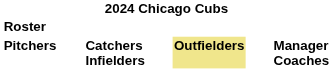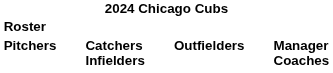 <table class="toccolours" style="font-size: 95%;">
 <tr>
 <th colspan="10">2024 Chicago Cubs</th>
 </tr>
 <tr>
 <td colspan="10"><strong>Roster</strong></td>
 </tr>
 <tr>
 <td valign="top"><strong>Pitchers</strong><br>                                                              </td>
 <td width="25px"></td>
 <td valign="top"><strong>Catchers</strong><br>        <strong>Infielders</strong>                        </td>
 <td width="25px"></td>
-<td valign="top" style="background: khaki;"><strong>Outfielders</strong><br>            </td>
+<td valign="top"><strong>Outfielders</strong><br>            </td>
 <td width="25px"></td>
 <td valign="top"><strong>Manager</strong><br> <strong>Coaches</strong>                              </td>
 </tr>
 <tr>
 </tr>
 </table>
